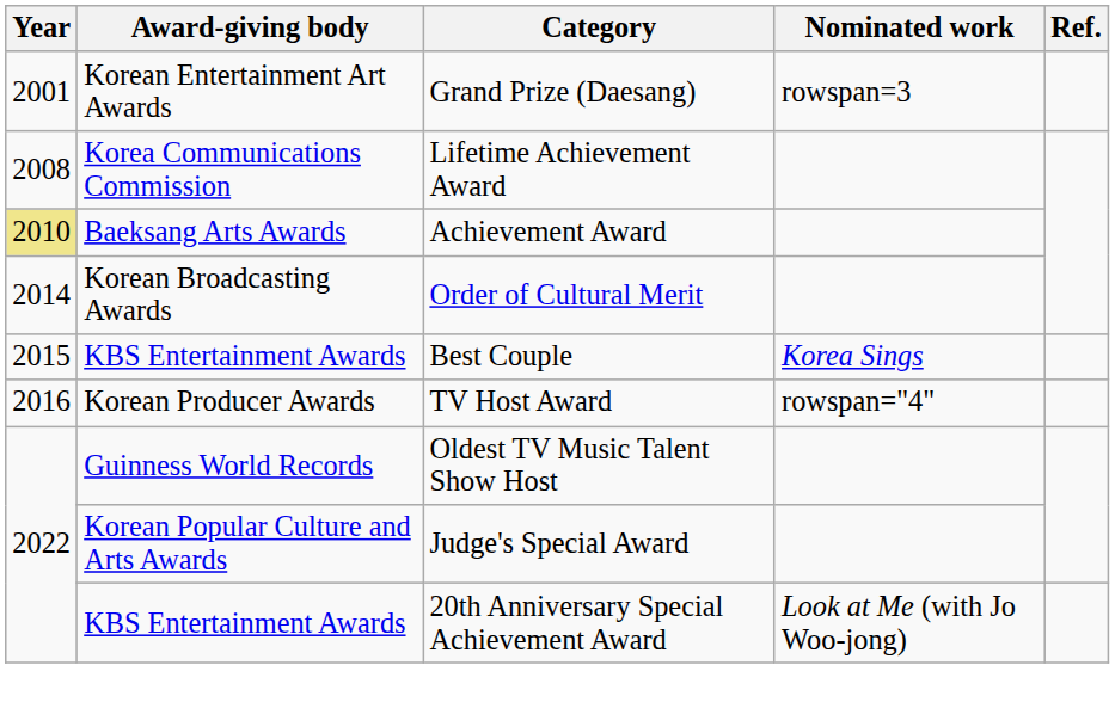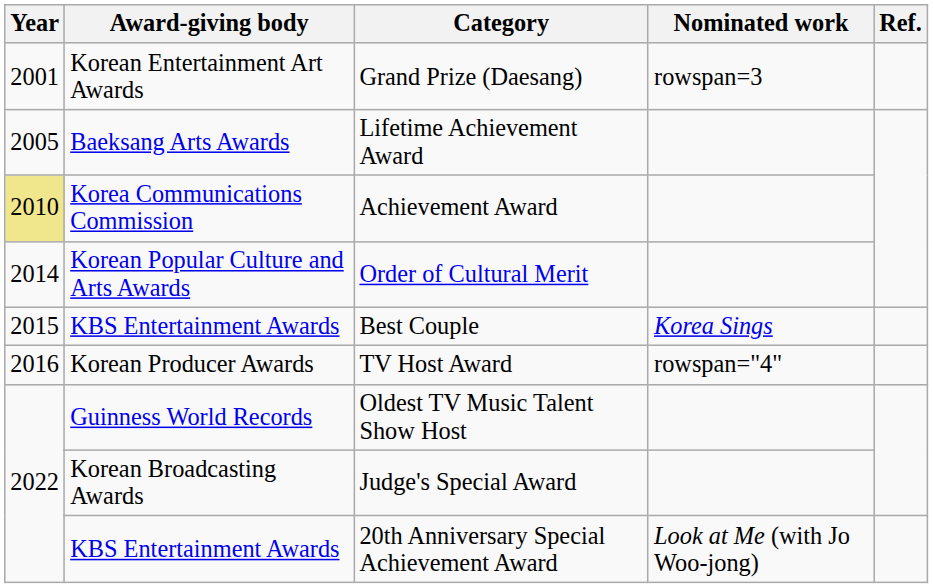 <table class="wikitable">
 <tr>
 <th>Year</th>
 <th>Award-giving body</th>
 <th>Category</th>
 <th>Nominated work</th>
 <th>Ref.</th>
 </tr>
 <tr>
 <td>2001</td>
 <td>Korean Entertainment Art Awards</td>
 <td>Grand Prize (Daesang)</td>
 <td>rowspan=3 </td>
 <td></td>
 </tr>
 <tr>
-<td>2008</td>
-<td><a href='#'>Korea Communications Commission</a></td>
+<td>2005</td>
+<td><a href='#'>Baeksang Arts Awards</a></td>
 <td>Lifetime Achievement Award</td>
 <td></td>
 </tr>
 <tr>
 <td style="background: khaki;">2010</td>
-<td><a href='#'>Baeksang Arts Awards</a></td>
+<td><a href='#'>Korea Communications Commission</a></td>
 <td>Achievement Award</td>
 <td></td>
 </tr>
 <tr>
 <td>2014</td>
-<td>Korean Broadcasting Awards</td>
+<td><a href='#'>Korean Popular Culture and Arts Awards</a></td>
 <td><a href='#'>Order of Cultural Merit</a></td>
 <td></td>
 </tr>
 <tr>
 <td>2015</td>
 <td><a href='#'>KBS Entertainment Awards</a></td>
 <td>Best Couple</td>
 <td><em><a href='#'>Korea Sings</a></em></td>
 <td></td>
 </tr>
 <tr>
 <td>2016</td>
 <td>Korean Producer Awards</td>
 <td>TV Host Award</td>
 <td>rowspan="4" </td>
 <td></td>
 </tr>
 <tr>
 <td rowspan=3>2022</td>
 <td><a href='#'>Guinness World Records</a></td>
 <td>Oldest TV Music Talent Show Host</td>
 <td></td>
 </tr>
 <tr>
-<td><a href='#'>Korean Popular Culture and Arts Awards</a></td>
+<td>Korean Broadcasting Awards</td>
 <td>Judge's Special Award</td>
 <td></td>
 </tr>
 <tr>
 <td><a href='#'>KBS Entertainment Awards</a></td>
 <td>20th Anniversary Special Achievement Award</td>
 <td><em>Look at Me</em> (with Jo Woo-jong)</td>
 <td></td>
 </tr>
 </table>
